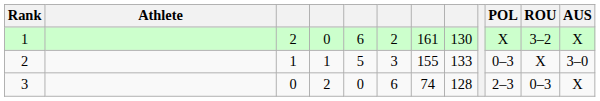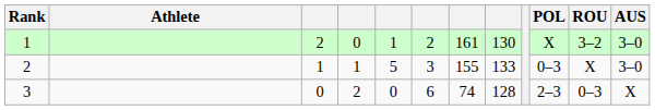 <table class="wikitable" style="text-align:center">
 <tr>
 <th>Rank</th>
 <th width=250>Athlete</th>
 <th width=30></th>
 <th width=30></th>
 <th width=30></th>
 <th width=30></th>
 <th width=30></th>
 <th width=30></th>
 <th rowspan=4></th>
 <th width=30>POL</th>
 <th width=30>ROU</th>
 <th width=30>AUS</th>
 </tr>
 <tr bgcolor=#ccffcc>
 <td>1</td>
 <td align=left></td>
 <td>2</td>
 <td>0</td>
-<td>6</td>
+<td>1</td>
 <td>2</td>
 <td>161</td>
 <td>130</td>
 <td>X</td>
 <td>3–2</td>
-<td>X</td>
+<td>3–0</td>
 </tr>
 <tr>
 <td>2</td>
 <td align=left></td>
 <td>1</td>
 <td>1</td>
 <td>5</td>
 <td>3</td>
 <td>155</td>
 <td>133</td>
 <td>0–3</td>
 <td>X</td>
 <td>3–0</td>
 </tr>
 <tr>
 <td>3</td>
 <td align=left></td>
 <td>0</td>
 <td>2</td>
 <td>0</td>
 <td>6</td>
 <td>74</td>
 <td>128</td>
 <td>2–3</td>
 <td>0–3</td>
 <td>X</td>
 </tr>
 </table>
